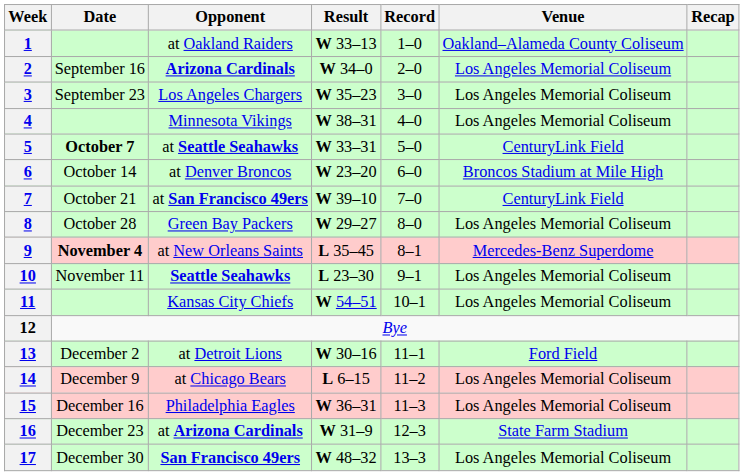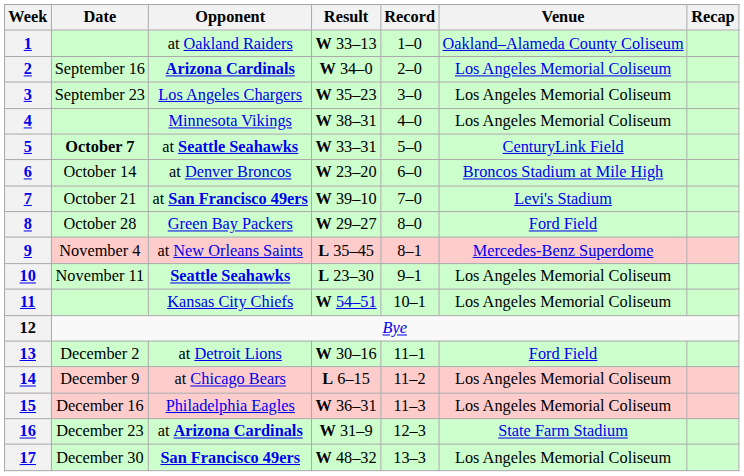 <table class="wikitable" style="text-align:center">
 <tr>
 <th>Week</th>
 <th>Date</th>
 <th>Opponent</th>
 <th>Result</th>
 <th>Record</th>
 <th>Venue</th>
 <th>Recap</th>
 </tr>
 <tr style="background:#cfc">
 <th><a href='#'>1</a></th>
 <td></td>
 <td>at <a href='#'>Oakland Raiders</a></td>
 <td><strong>W</strong> 33–13</td>
 <td>1–0</td>
 <td><a href='#'>Oakland–Alameda County Coliseum</a></td>
 <td></td>
 </tr>
 <tr style="background:#cfc">
 <th><a href='#'>2</a></th>
 <td>September 16</td>
 <td><strong><a href='#'>Arizona Cardinals</a></strong></td>
 <td><strong>W</strong> 34–0</td>
 <td>2–0</td>
 <td><a href='#'>Los Angeles Memorial Coliseum</a></td>
 <td></td>
 </tr>
 <tr style="background:#cfc">
 <th><a href='#'>3</a></th>
 <td>September 23</td>
 <td><a href='#'>Los Angeles Chargers</a></td>
 <td><strong>W</strong> 35–23</td>
 <td>3–0</td>
 <td>Los Angeles Memorial Coliseum</td>
 <td></td>
 </tr>
 <tr style="background:#cfc">
 <th><a href='#'>4</a></th>
 <td></td>
 <td><a href='#'>Minnesota Vikings</a></td>
 <td><strong>W</strong> 38–31</td>
 <td>4–0</td>
 <td>Los Angeles Memorial Coliseum</td>
 <td></td>
 </tr>
 <tr style="background:#cfc">
 <th><a href='#'>5</a></th>
 <td><strong>October 7</strong></td>
 <td>at <strong><a href='#'>Seattle Seahawks</a></strong></td>
 <td><strong>W</strong> 33–31</td>
 <td>5–0</td>
 <td><a href='#'>CenturyLink Field</a></td>
 <td></td>
 </tr>
 <tr style="background:#cfc">
 <th><a href='#'>6</a></th>
 <td>October 14</td>
 <td>at <a href='#'>Denver Broncos</a></td>
 <td><strong>W</strong> 23–20</td>
 <td>6–0</td>
 <td><a href='#'>Broncos Stadium at Mile High</a></td>
 <td></td>
 </tr>
 <tr style="background:#cfc">
 <th><a href='#'>7</a></th>
 <td>October 21</td>
 <td>at <strong><a href='#'>San Francisco 49ers</a></strong></td>
 <td><strong>W</strong> 39–10</td>
 <td>7–0</td>
-<td><a href='#'>CenturyLink Field</a></td>
+<td><a href='#'>Levi's Stadium</a></td>
 <td></td>
 </tr>
 <tr style="background:#cfc">
 <th><a href='#'>8</a></th>
 <td>October 28</td>
 <td><a href='#'>Green Bay Packers</a></td>
 <td><strong>W</strong> 29–27</td>
 <td>8–0</td>
-<td>Los Angeles Memorial Coliseum</td>
+<td><a href='#'>Ford Field</a></td>
 <td></td>
 </tr>
 <tr style="background:#fcc">
 <th><a href='#'>9</a></th>
-<td><strong>November 4</strong></td>
+<td>November 4</td>
 <td>at <a href='#'>New Orleans Saints</a></td>
 <td><strong>L</strong> 35–45</td>
 <td>8–1</td>
 <td><a href='#'>Mercedes-Benz Superdome</a></td>
 <td></td>
 </tr>
 <tr style="background:#cfc">
 <th><a href='#'>10</a></th>
 <td>November 11</td>
 <td><strong><a href='#'>Seattle Seahawks</a></strong></td>
 <td><strong>L</strong> 23–30</td>
 <td>9–1</td>
 <td>Los Angeles Memorial Coliseum</td>
 <td></td>
 </tr>
 <tr style="background:#cfc">
 <th><a href='#'>11</a></th>
 <td></td>
 <td><a href='#'>Kansas City Chiefs</a></td>
 <td><strong>W</strong> <a href='#'>54–51</a></td>
 <td>10–1</td>
 <td>Los Angeles Memorial Coliseum</td>
 <td></td>
 </tr>
 <tr>
 <th>12</th>
 <td colspan="6"><em><a href='#'>Bye</a></em></td>
 </tr>
 <tr style="background:#cfc">
 <th><a href='#'>13</a></th>
 <td>December 2</td>
 <td>at <a href='#'>Detroit Lions</a></td>
 <td><strong>W</strong> 30–16</td>
 <td>11–1</td>
 <td><a href='#'>Ford Field</a></td>
 <td></td>
 </tr>
 <tr style="background:#fcc">
 <th><a href='#'>14</a></th>
 <td>December 9</td>
 <td>at <a href='#'>Chicago Bears</a></td>
 <td><strong>L</strong> 6–15</td>
 <td>11–2</td>
 <td>Los Angeles Memorial Coliseum</td>
 <td></td>
 </tr>
 <tr style="background:#fcc">
 <th><a href='#'>15</a></th>
 <td>December 16</td>
 <td><a href='#'>Philadelphia Eagles</a></td>
 <td><strong>W</strong> 36–31</td>
 <td>11–3</td>
 <td>Los Angeles Memorial Coliseum</td>
 <td></td>
 </tr>
 <tr style="background:#cfc">
 <th><a href='#'>16</a></th>
 <td>December 23</td>
 <td>at <strong><a href='#'>Arizona Cardinals</a></strong></td>
 <td><strong>W</strong> 31–9</td>
 <td>12–3</td>
 <td><a href='#'>State Farm Stadium</a></td>
 <td></td>
 </tr>
 <tr style="background:#cfc">
 <th><a href='#'>17</a></th>
 <td>December 30</td>
 <td><strong><a href='#'>San Francisco 49ers</a></strong></td>
 <td><strong>W</strong> 48–32</td>
 <td>13–3</td>
 <td>Los Angeles Memorial Coliseum</td>
 <td></td>
 </tr>
 </table>
